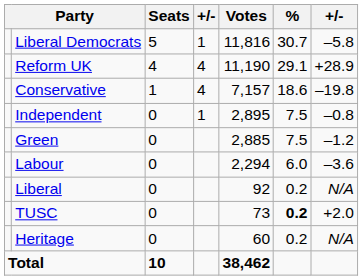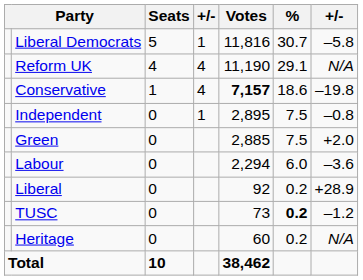 <table class="wikitable sortable">
 <tr>
 <th colspan="2">Party</th>
 <th>Seats</th>
 <th>+/-</th>
 <th>Votes</th>
 <th>%</th>
 <th>+/-</th>
 </tr>
 <tr>
 <td style="background-color: "></td>
 <td><a href='#'>Liberal Democrats</a></td>
 <td>5</td>
 <td> 1</td>
 <td style="text-align:right;">11,816</td>
 <td style="text-align:right;">30.7</td>
 <td style="text-align:right;">–5.8</td>
 </tr>
 <tr>
 <td style="background-color: "></td>
 <td><a href='#'>Reform UK</a></td>
 <td>4</td>
 <td> 4</td>
 <td style="text-align:right;">11,190</td>
 <td style="text-align:right;">29.1</td>
-<td style="text-align:right;">+28.9</td>
+<td style="text-align:right;"><em>N/A</em></td>
 </tr>
 <tr>
 <td style="background-color: "></td>
 <td><a href='#'>Conservative</a></td>
 <td>1</td>
 <td> 4</td>
-<td style="text-align:right;">7,157</td>
+<td style="text-align:right;"><strong>7,157</strong></td>
 <td style="text-align:right;">18.6</td>
 <td style="text-align:right;">–19.8</td>
 </tr>
 <tr>
 <td style="background-color: "></td>
 <td><a href='#'>Independent</a></td>
 <td>0</td>
 <td> 1</td>
 <td style="text-align:right;">2,895</td>
 <td style="text-align:right;">7.5</td>
 <td style="text-align:right;">–0.8</td>
 </tr>
 <tr>
 <td style="background-color: "></td>
 <td><a href='#'>Green</a></td>
 <td>0</td>
 <td></td>
 <td style="text-align:right;">2,885</td>
 <td style="text-align:right;">7.5</td>
-<td style="text-align:right;">–1.2</td>
+<td style="text-align:right;">+2.0</td>
 </tr>
 <tr>
 <td style="background-color: "></td>
 <td><a href='#'>Labour</a></td>
 <td>0</td>
 <td></td>
 <td style="text-align:right;">2,294</td>
 <td style="text-align:right;">6.0</td>
 <td style="text-align:right;">–3.6</td>
 </tr>
 <tr>
 <td style="background-color: "></td>
 <td><a href='#'>Liberal</a></td>
 <td>0</td>
 <td></td>
 <td style="text-align:right;">92</td>
 <td style="text-align:right;">0.2</td>
-<td style="text-align:right;"><em>N/A</em></td>
+<td style="text-align:right;">+28.9</td>
 </tr>
 <tr>
 <td style="background-color: "></td>
 <td><a href='#'>TUSC</a></td>
 <td>0</td>
 <td></td>
 <td style="text-align:right;">73</td>
 <td style="text-align:right;"><strong>0.2</strong></td>
-<td style="text-align:right;">+2.0</td>
+<td style="text-align:right;">–1.2</td>
 </tr>
 <tr>
 <td style="background-color: "></td>
 <td><a href='#'>Heritage</a></td>
 <td>0</td>
 <td></td>
 <td style="text-align:right;">60</td>
 <td style="text-align:right;">0.2</td>
 <td style="text-align:right;"><em>N/A</em></td>
 </tr>
 <tr>
 <td colspan="2"><strong>Total</strong></td>
 <td><strong>10</strong></td>
 <td></td>
 <td style="text-align:right;"><strong>38,462</strong></td>
 <td style="text-align:right;"></td>
 <td style="text-align:right;"></td>
 </tr>
 </table>
